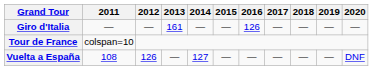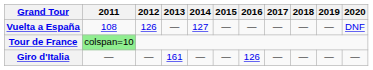 <table class="wikitable plainrowheaders">
 <tr>
 <th scope="col"><a href='#'>Grand Tour</a></th>
 <th scope="col">2011</th>
 <th scope="col">2012</th>
 <th scope="col">2013</th>
 <th scope="col">2014</th>
 <th scope="col">2015</th>
 <th scope="col">2016</th>
 <th scope="col">2017</th>
 <th scope="col">2018</th>
 <th scope="col">2019</th>
 <th scope="col">2020</th>
 </tr>
 <tr style="text-align:center;">
+<th scope="row"> <a href='#'>Vuelta a España</a></th>
+<td><a href='#'>108</a></td>
+<td><a href='#'>126</a></td>
+<td>—</td>
+<td><a href='#'>127</a></td>
+<td>—</td>
+<td>—</td>
+<td>—</td>
+<td>—</td>
+<td>—</td>
+<td><a href='#'>DNF</a></td>
+</tr>
+<tr style="text-align:center;">
+<th scope="row"> <a href='#'>Tour de France</a></th>
+<td style="background: lightgreen;">colspan=10 </td>
+</tr>
+<tr style="text-align:center;">
 <th scope="row"> <a href='#'>Giro d'Italia</a></th>
 <td>—</td>
 <td>—</td>
 <td><a href='#'>161</a></td>
 <td>—</td>
 <td>—</td>
 <td><a href='#'>126</a></td>
 <td>—</td>
 <td>—</td>
 <td>—</td>
 <td>—</td>
 </tr>
-<tr style="text-align:center;">
-<th scope="row"> <a href='#'>Tour de France</a></th>
-<td>colspan=10 </td>
-</tr>
-<tr style="text-align:center;">
-<th scope="row"> <a href='#'>Vuelta a España</a></th>
-<td><a href='#'>108</a></td>
-<td><a href='#'>126</a></td>
-<td>—</td>
-<td><a href='#'>127</a></td>
-<td>—</td>
-<td>—</td>
-<td>—</td>
-<td>—</td>
-<td>—</td>
-<td><a href='#'>DNF</a></td>
-</tr>
 </table>
